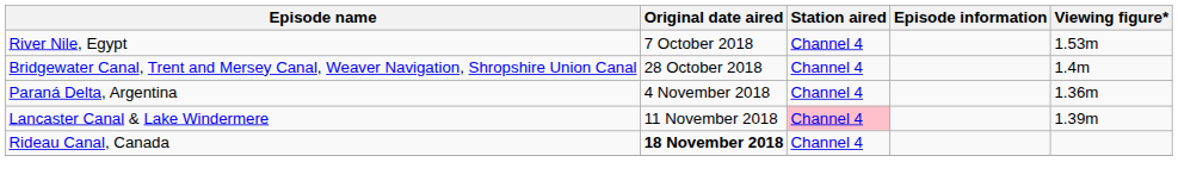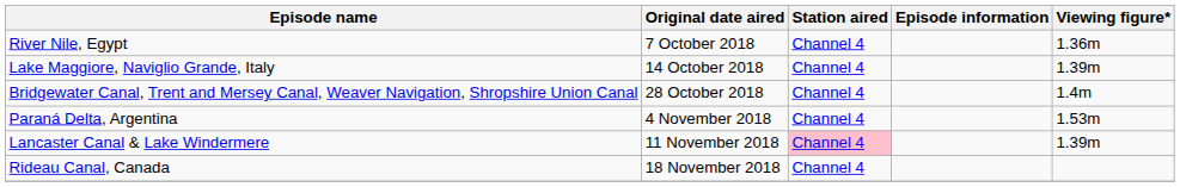 <table class="wikitable sortable">
 <tr>
 <th>Episode name</th>
 <th>Original date aired</th>
 <th>Station aired</th>
 <th>Episode information</th>
 <th>Viewing figure*</th>
 </tr>
 <tr>
 <td><a href='#'>River Nile</a>, Egypt</td>
 <td>7 October 2018</td>
 <td><a href='#'>Channel 4</a></td>
 <td></td>
-<td>1.53m</td>
+<td>1.36m</td>
+</tr>
+<tr>
+<td><a href='#'>Lake Maggiore</a>, <a href='#'>Naviglio Grande</a>, Italy</td>
+<td>14 October 2018</td>
+<td><a href='#'>Channel 4</a></td>
+<td></td>
+<td>1.39m</td>
 </tr>
 <tr>
 <td><a href='#'>Bridgewater Canal</a>, <a href='#'>Trent and Mersey Canal</a>, <a href='#'>Weaver Navigation</a>, <a href='#'>Shropshire Union Canal</a></td>
 <td>28 October 2018</td>
 <td><a href='#'>Channel 4</a></td>
 <td></td>
 <td>1.4m</td>
 </tr>
 <tr>
 <td><a href='#'>Paraná Delta</a>, Argentina</td>
 <td>4 November 2018</td>
 <td><a href='#'>Channel 4</a></td>
 <td></td>
-<td>1.36m</td>
+<td>1.53m</td>
 </tr>
 <tr>
 <td><a href='#'>Lancaster Canal</a> & <a href='#'>Lake Windermere</a></td>
 <td>11 November 2018</td>
 <td style="background: pink;"><a href='#'>Channel 4</a></td>
 <td></td>
 <td>1.39m</td>
 </tr>
 <tr>
 <td><a href='#'>Rideau Canal</a>, Canada</td>
-<td><strong>18 November 2018</strong></td>
+<td>18 November 2018</td>
 <td><a href='#'>Channel 4</a></td>
 <td></td>
 <td></td>
 </tr>
 <tr>
 </tr>
 </table>
